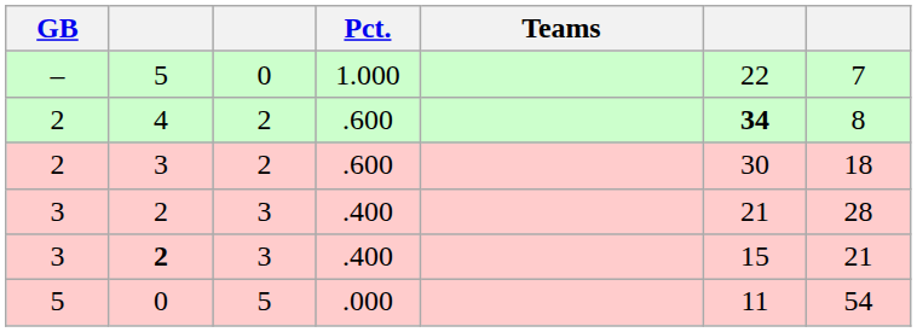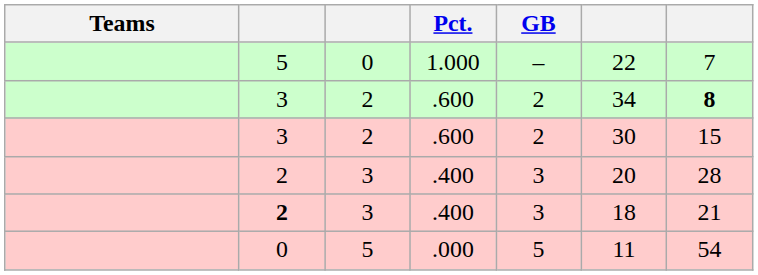 <table class="wikitable" style="text-align:center;">
 <tr>
-<th width=50px><a href='#'>GB</a></th>
+<th width=150px>Teams</th>
 <th width=50px></th>
 <th width=50px></th>
 <th width=50px><a href='#'>Pct.</a></th>
-<th width=150px>Teams</th>
+<th width=50px><a href='#'>GB</a></th>
 <th width=50px></th>
 <th width=50px></th>
 </tr>
 <tr style="background-color:#cfc">
-<td>–</td>
+<td align=left></td>
 <td>5</td>
 <td>0</td>
 <td>1.000</td>
-<td align=left></td>
+<td>–</td>
 <td>22</td>
 <td>7</td>
 </tr>
 <tr style="background-color:#cfc">
-<td>2</td>
-<td>4</td>
-<td>2</td>
-<td>.600</td>
 <td align=left></td>
-<td><strong>34</strong></td>
-<td>8</td>
-</tr>
-<tr style="background-color:#fcc">
-<td>2</td>
 <td>3</td>
 <td>2</td>
 <td>.600</td>
-<td align=left></td>
-<td>30</td>
-<td>18</td>
+<td>2</td>
+<td>34</td>
+<td><strong>8</strong></td>
 </tr>
 <tr style="background-color:#fcc">
+<td align=left></td>
 <td>3</td>
+<td>2</td>
+<td>.600</td>
+<td>2</td>
+<td>30</td>
+<td>15</td>
+</tr>
+<tr style="background-color:#fcc">
+<td align=left></td>
 <td>2</td>
 <td>3</td>
 <td>.400</td>
-<td align=left></td>
-<td>21</td>
+<td>3</td>
+<td>20</td>
 <td>28</td>
 </tr>
 <tr style="background-color:#fcc">
-<td>3</td>
+<td align=left></td>
 <td><strong>2</strong></td>
 <td>3</td>
 <td>.400</td>
-<td align=left></td>
-<td>15</td>
+<td>3</td>
+<td>18</td>
 <td>21</td>
 </tr>
 <tr style="background-color:#fcc">
-<td>5</td>
+<td align=left></td>
 <td>0</td>
 <td>5</td>
 <td>.000</td>
-<td align=left></td>
+<td>5</td>
 <td>11</td>
 <td>54</td>
 </tr>
 </table>
